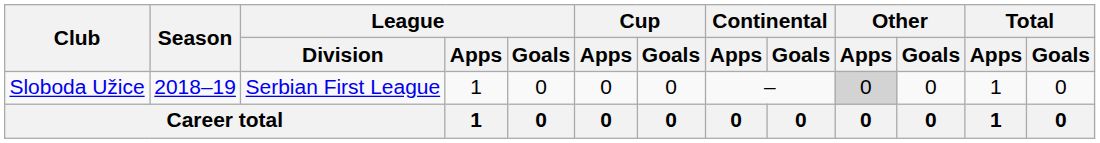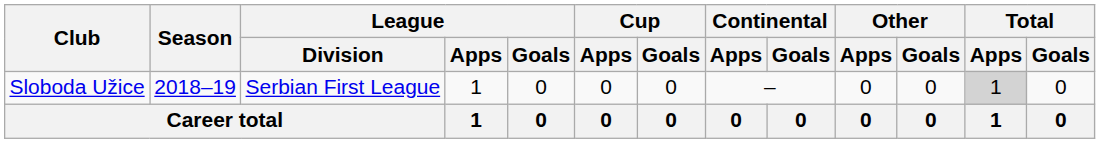 <table class="wikitable" style="text-align: center">
 <tr>
 <th rowspan="2">Club</th>
 <th rowspan="2">Season</th>
 <th colspan="3">League</th>
 <th colspan="2">Cup</th>
 <th colspan="2">Continental</th>
 <th colspan="2">Other</th>
 <th colspan="2">Total</th>
 </tr>
 <tr>
 <th>Division</th>
 <th>Apps</th>
 <th>Goals</th>
 <th>Apps</th>
 <th>Goals</th>
 <th>Apps</th>
 <th>Goals</th>
 <th>Apps</th>
 <th>Goals</th>
 <th>Apps</th>
 <th>Goals</th>
 </tr>
 <tr>
 <td><a href='#'>Sloboda Užice</a></td>
 <td><a href='#'>2018–19</a></td>
 <td><a href='#'>Serbian First League</a></td>
 <td>1</td>
 <td>0</td>
 <td>0</td>
 <td>0</td>
 <td colspan="2">–</td>
-<td style="background: lightgrey;">0</td>
 <td>0</td>
-<td>1</td>
+<td>0</td>
+<td style="background: lightgrey;">1</td>
 <td>0</td>
 </tr>
 <tr>
 <th colspan=3>Career total</th>
 <th>1</th>
 <th>0</th>
 <th>0</th>
 <th>0</th>
 <th>0</th>
 <th>0</th>
 <th>0</th>
 <th>0</th>
 <th>1</th>
 <th>0</th>
 </tr>
 </table>
